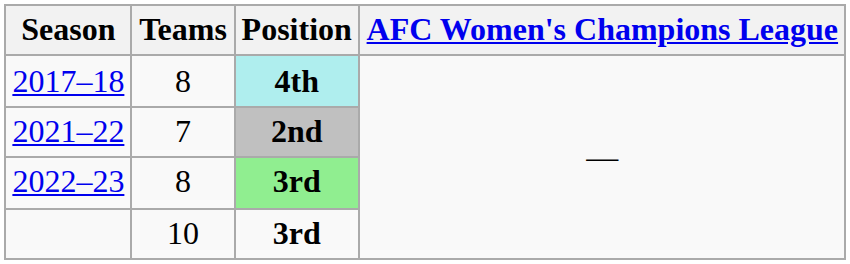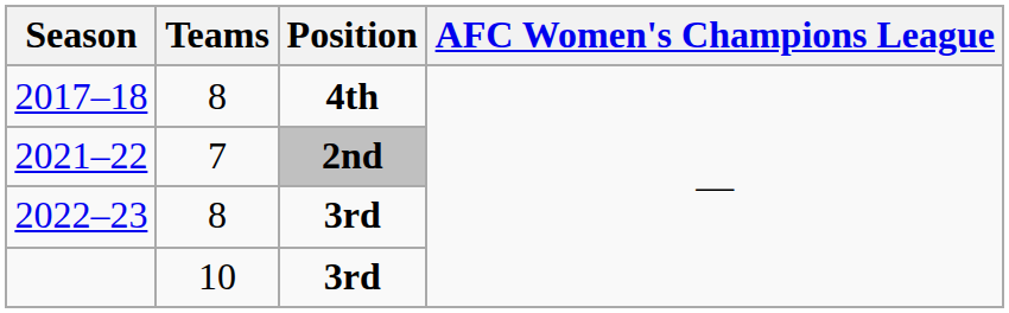 <table class="wikitable" style="text-align:center">
 <tr style="background:#efefef;">
 <th>Season</th>
 <th>Teams</th>
 <th>Position</th>
 <th><a href='#'>AFC Women's Champions League</a></th>
 </tr>
 <tr>
 <td><a href='#'>2017–18</a></td>
 <td>8</td>
-<td style="background: paleturquoise;"><strong>4th</strong></td>
+<td><strong>4th</strong></td>
 <td rowspan="4">—</td>
 </tr>
 <tr>
 <td><a href='#'>2021–22</a></td>
 <td>7</td>
 <td bgcolor=silver><strong>2nd</strong></td>
 </tr>
 <tr>
 <td><a href='#'>2022–23</a></td>
 <td>8</td>
-<td style="background: lightgreen;"><strong>3rd</strong></td>
+<td><strong>3rd</strong></td>
 </tr>
 <tr>
 <td></td>
 <td>10</td>
 <td><strong>3rd</strong></td>
 </tr>
 <tr>
 </tr>
 </table>
